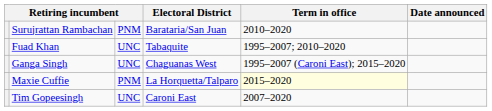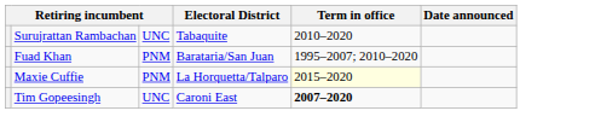 <table class="wikitable sortable">
 <tr>
 <th colspan="3">Retiring incumbent</th>
 <th scope="col">Electoral District</th>
 <th>Term in office</th>
 <th>Date announced</th>
 </tr>
 <tr>
 <th style="color:inherit;background:"></th>
 <td><a href='#'>Surujrattan Rambachan</a></td>
-<td style="text-align:left;" scope="row"><a href='#'>PNM</a></td>
-<td><a href='#'>Barataria/San Juan</a></td>
+<td style="text-align:left;" scope="row"><a href='#'>UNC</a></td>
+<td><a href='#'>Tabaquite</a></td>
 <td>2010–2020</td>
 <td></td>
 </tr>
 <tr>
 <th style="color:inherit;background:"></th>
 <td><a href='#'>Fuad Khan</a></td>
-<td><a href='#'>UNC</a></td>
-<td><a href='#'>Tabaquite</a></td>
+<td style="text-align:left;" scope="row"><a href='#'>PNM</a></td>
+<td><a href='#'>Barataria/San Juan</a></td>
 <td>1995–2007; 2010–2020</td>
-<td></td>
-</tr>
-<tr>
-<th style="color:inherit;background:"></th>
-<td><a href='#'>Ganga Singh</a></td>
-<td style="text-align:left;" scope="row"><a href='#'>UNC</a></td>
-<td><a href='#'>Chaguanas West</a></td>
-<td>1995–2007 (<a href='#'>Caroni East</a>); 2015–2020</td>
 <td></td>
 </tr>
 <tr>
 <th style="color:inherit;background:"></th>
 <td><a href='#'>Maxie Cuffie</a></td>
 <td style="text-align:left;" scope="row"><a href='#'>PNM</a></td>
 <td><a href='#'>La Horquetta/Talparo</a></td>
 <td style="background: lightyellow;">2015–2020</td>
 <td></td>
 </tr>
 <tr>
 <th style="color:inherit;background:"></th>
 <td><a href='#'>Tim Gopeesingh</a></td>
 <td style="text-align:left;" scope="row"><a href='#'>UNC</a></td>
 <td><a href='#'>Caroni East</a></td>
-<td>2007–2020</td>
+<td><strong>2007–2020</strong></td>
 <td></td>
 </tr>
 </table>
